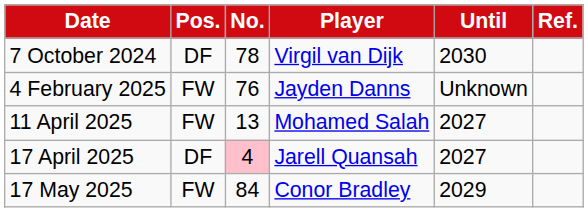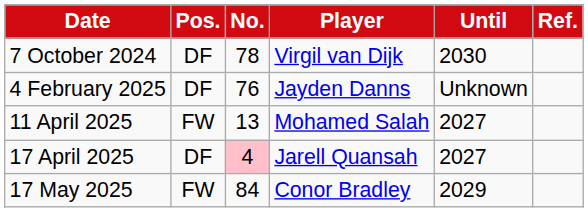 <table class="wikitable plainrowheaders sortable">
 <tr>
 <th style="background:#D10A11; color:white; ">Date</th>
 <th style="background:#D10A11; color:white; ">Pos.</th>
 <th style="background:#D10A11; color:white; ">No.</th>
 <th style="background:#D10A11; color:white; ">Player</th>
 <th style="background:#D10A11; color:white; ">Until</th>
 <th style="background:#D10A11; color:white; ">Ref.</th>
 </tr>
 <tr>
 <td>7 October 2024</td>
 <td style="text-align:center">DF</td>
 <td style="text-align:center">78</td>
 <td> <a href='#'>Virgil van Dijk</a></td>
 <td>2030</td>
 <td></td>
 </tr>
 <tr>
 <td>4 February 2025</td>
-<td style="text-align:center">FW</td>
+<td style="text-align:center">DF</td>
 <td style="text-align:center">76</td>
 <td> <a href='#'>Jayden Danns</a></td>
 <td>Unknown</td>
 <td></td>
 </tr>
 <tr>
 <td>11 April 2025</td>
 <td style="text-align:center">FW</td>
 <td style="text-align:center">13</td>
 <td> <a href='#'>Mohamed Salah</a></td>
 <td>2027</td>
 <td></td>
 </tr>
 <tr>
 <td>17 April 2025</td>
 <td style="text-align:center">DF</td>
 <td style="background: pink; text-align:center">4</td>
 <td> <a href='#'>Jarell Quansah</a></td>
 <td>2027</td>
 <td></td>
 </tr>
 <tr>
 <td>17 May 2025</td>
 <td style="text-align:center">FW</td>
 <td style="text-align:center">84</td>
 <td> <a href='#'>Conor Bradley</a></td>
 <td>2029</td>
 <td></td>
 </tr>
 </table>
